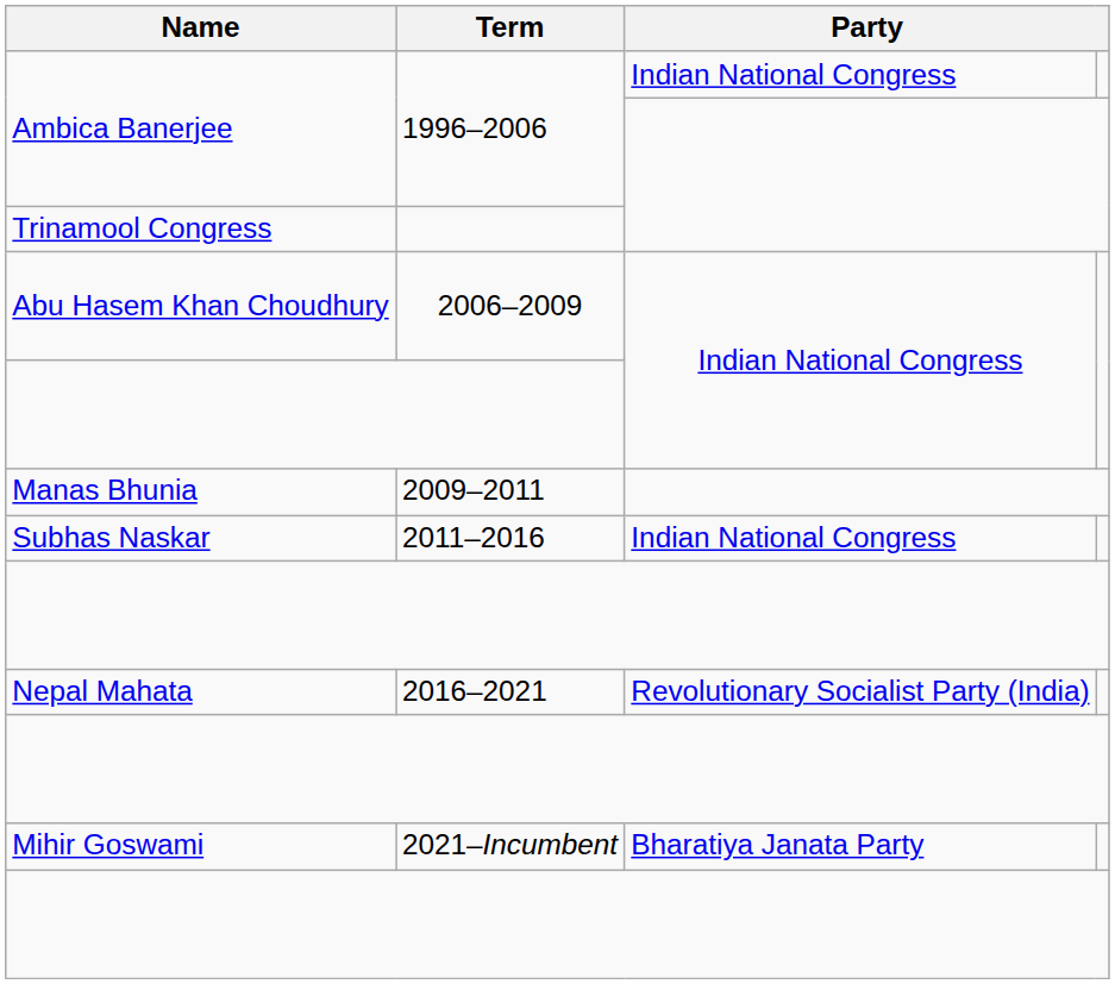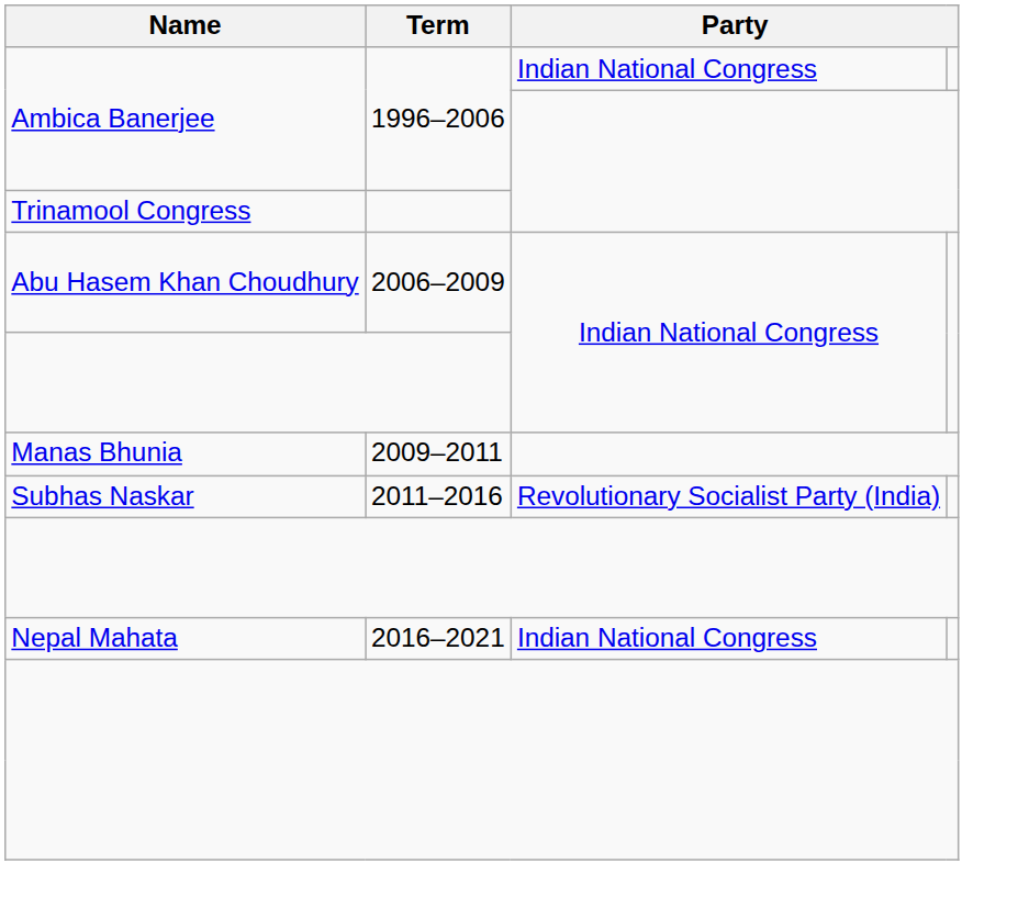 <table class="wikitable sortable">
 <tr>
 <th>Name</th>
 <th>Term</th>
 <th colspan="2" scope="col">Party</th>
 </tr>
 <tr>
 <td rowspan=2><a href='#'>Ambica Banerjee</a></td>
 <td rowspan=2>1996–2006</td>
 <td><a href='#'>Indian National Congress</a></td>
 <td style="background-color: "></td>
 </tr>
 <tr style="text-align:center; height:60px;">
 </tr>
 <tr>
 <td><a href='#'>Trinamool Congress</a></td>
 <td style="background-color: "></td>
 </tr>
 <tr style="text-align:center; height:60px;">
 <td><a href='#'>Abu Hasem Khan Choudhury</a></td>
 <td>2006–2009</td>
 <td rowspan=2><a href='#'>Indian National Congress</a></td>
 <td rowspan="2" style="background-color: "></td>
 </tr>
 <tr style="text-align:center; height:60px;">
 </tr>
 <tr>
 <td><a href='#'>Manas Bhunia</a></td>
 <td>2009–2011</td>
 </tr>
 <tr>
 <td><a href='#'>Subhas Naskar</a></td>
 <td>2011–2016</td>
-<td><a href='#'>Indian National Congress</a></td>
+<td><a href='#'>Revolutionary Socialist Party (India)</a></td>
 <td style="background-color: "></td>
 </tr>
 <tr style="text-align:center; height:60px;">
 </tr>
 <tr>
 <td><a href='#'>Nepal Mahata</a></td>
 <td>2016–2021</td>
-<td><a href='#'>Revolutionary Socialist Party (India)</a></td>
+<td><a href='#'>Indian National Congress</a></td>
 <td style="background-color: "></td>
 </tr>
 <tr style="text-align:center; height:60px;">
-</tr>
-<tr>
-<td><a href='#'>Mihir Goswami</a></td>
-<td>2021–<em>Incumbent</em></td>
-<td><a href='#'>Bharatiya Janata Party</a></td>
-<td style="background-color: "></td>
 </tr>
 <tr style="text-align:center; height:60px;">
 </tr>
 <tr>
 </tr>
 </table>
